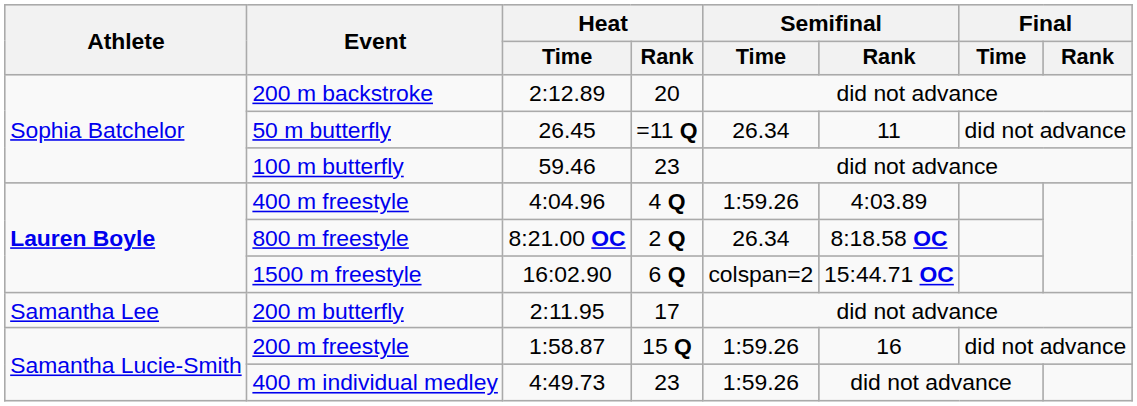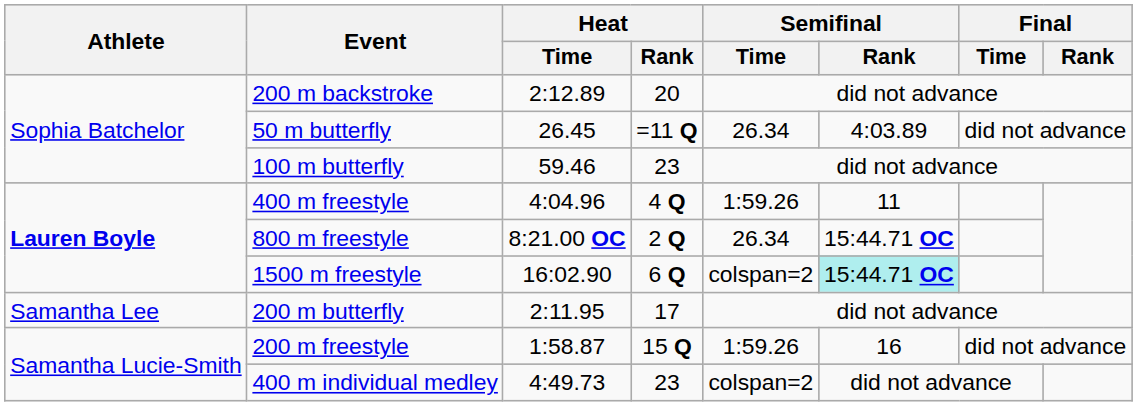 <table class=wikitable style="font-size:90%">
 <tr>
 <th rowspan="2">Athlete</th>
 <th rowspan="2">Event</th>
 <th colspan="2">Heat</th>
 <th colspan="2">Semifinal</th>
 <th colspan="2">Final</th>
 </tr>
 <tr style="font-size:95%">
 <th>Time</th>
 <th>Rank</th>
 <th>Time</th>
 <th>Rank</th>
 <th>Time</th>
 <th>Rank</th>
 </tr>
 <tr align=center>
 <td align=left rowspan=3><a href='#'>Sophia Batchelor</a></td>
 <td align=left><a href='#'>200 m backstroke</a></td>
 <td>2:12.89</td>
 <td>20</td>
 <td colspan=4>did not advance</td>
 </tr>
 <tr align=center>
 <td align=left><a href='#'>50 m butterfly</a></td>
 <td>26.45</td>
 <td>=11 <strong>Q</strong></td>
 <td>26.34</td>
-<td>11</td>
+<td>4:03.89</td>
 <td colspan=2>did not advance</td>
 </tr>
 <tr align=center>
 <td align=left><a href='#'>100 m butterfly</a></td>
 <td>59.46</td>
 <td>23</td>
 <td colspan=4>did not advance</td>
 </tr>
 <tr align=center>
 <td align=left rowspan=3><strong><a href='#'>Lauren Boyle</a></strong></td>
 <td align=left><a href='#'>400 m freestyle</a></td>
 <td>4:04.96</td>
 <td>4 <strong>Q</strong></td>
 <td>1:59.26</td>
-<td>4:03.89</td>
+<td>11</td>
 <td></td>
 </tr>
 <tr align=center>
 <td align=left><a href='#'>800 m freestyle</a></td>
 <td>8:21.00 <strong><a href='#'>OC</a></strong></td>
 <td>2 <strong>Q</strong></td>
 <td>26.34</td>
-<td>8:18.58 <strong><a href='#'>OC</a></strong></td>
+<td>15:44.71 <strong><a href='#'>OC</a></strong></td>
 <td></td>
 </tr>
 <tr align=center>
 <td align=left><a href='#'>1500 m freestyle</a></td>
 <td>16:02.90</td>
 <td>6 <strong>Q</strong></td>
 <td>colspan=2 </td>
-<td>15:44.71 <strong><a href='#'>OC</a></strong></td>
+<td style="background: paleturquoise;">15:44.71 <strong><a href='#'>OC</a></strong></td>
 <td></td>
 </tr>
 <tr align=center>
 <td align=left><a href='#'>Samantha Lee</a></td>
 <td align=left><a href='#'>200 m butterfly</a></td>
 <td>2:11.95</td>
 <td>17</td>
 <td colspan=4>did not advance</td>
 </tr>
 <tr align=center>
 <td align=left rowspan=2><a href='#'>Samantha Lucie-Smith</a></td>
 <td align=left><a href='#'>200 m freestyle</a></td>
 <td>1:58.87</td>
 <td>15 <strong>Q</strong></td>
 <td>1:59.26</td>
 <td>16</td>
 <td colspan=2>did not advance</td>
 </tr>
 <tr align=center>
 <td align=left><a href='#'>400 m individual medley</a></td>
 <td>4:49.73</td>
 <td>23</td>
-<td>1:59.26</td>
+<td>colspan=2 </td>
 <td colspan=2>did not advance</td>
 </tr>
 </table>
